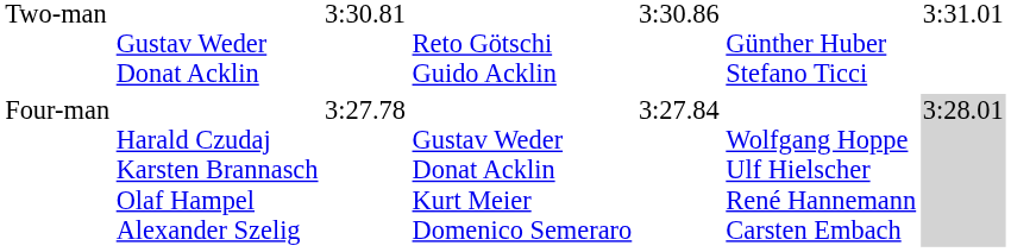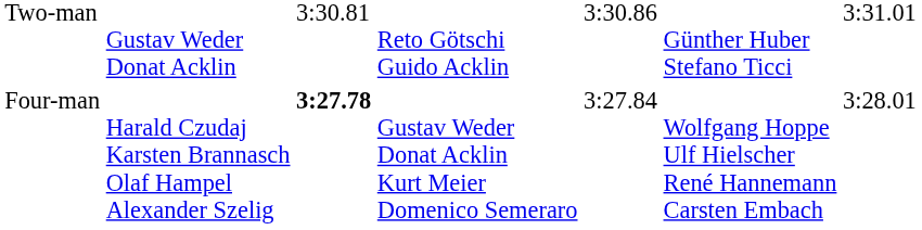 <table>
 <tr valign="top">
 <td>Two-man <br></td>
 <td><br><a href='#'>Gustav Weder</a><br><a href='#'>Donat Acklin</a></td>
 <td>3:30.81</td>
 <td><br><a href='#'>Reto Götschi</a><br><a href='#'>Guido Acklin</a></td>
 <td>3:30.86</td>
 <td><br><a href='#'>Günther Huber</a><br><a href='#'>Stefano Ticci</a></td>
 <td>3:31.01</td>
 </tr>
 <tr valign="top">
 <td>Four-man <br></td>
 <td><br><a href='#'>Harald Czudaj</a> <br> <a href='#'>Karsten Brannasch</a><br><a href='#'>Olaf Hampel</a><br><a href='#'>Alexander Szelig</a></td>
-<td>3:27.78</td>
+<td><strong>3:27.78</strong></td>
 <td><br><a href='#'>Gustav Weder</a> <br> <a href='#'>Donat Acklin</a><br><a href='#'>Kurt Meier</a><br><a href='#'>Domenico Semeraro</a></td>
 <td>3:27.84</td>
 <td><br><a href='#'>Wolfgang Hoppe</a> <br> <a href='#'>Ulf Hielscher</a><br><a href='#'>René Hannemann</a><br><a href='#'>Carsten Embach</a></td>
-<td style="background: lightgrey;">3:28.01</td>
+<td>3:28.01</td>
 </tr>
 </table>
